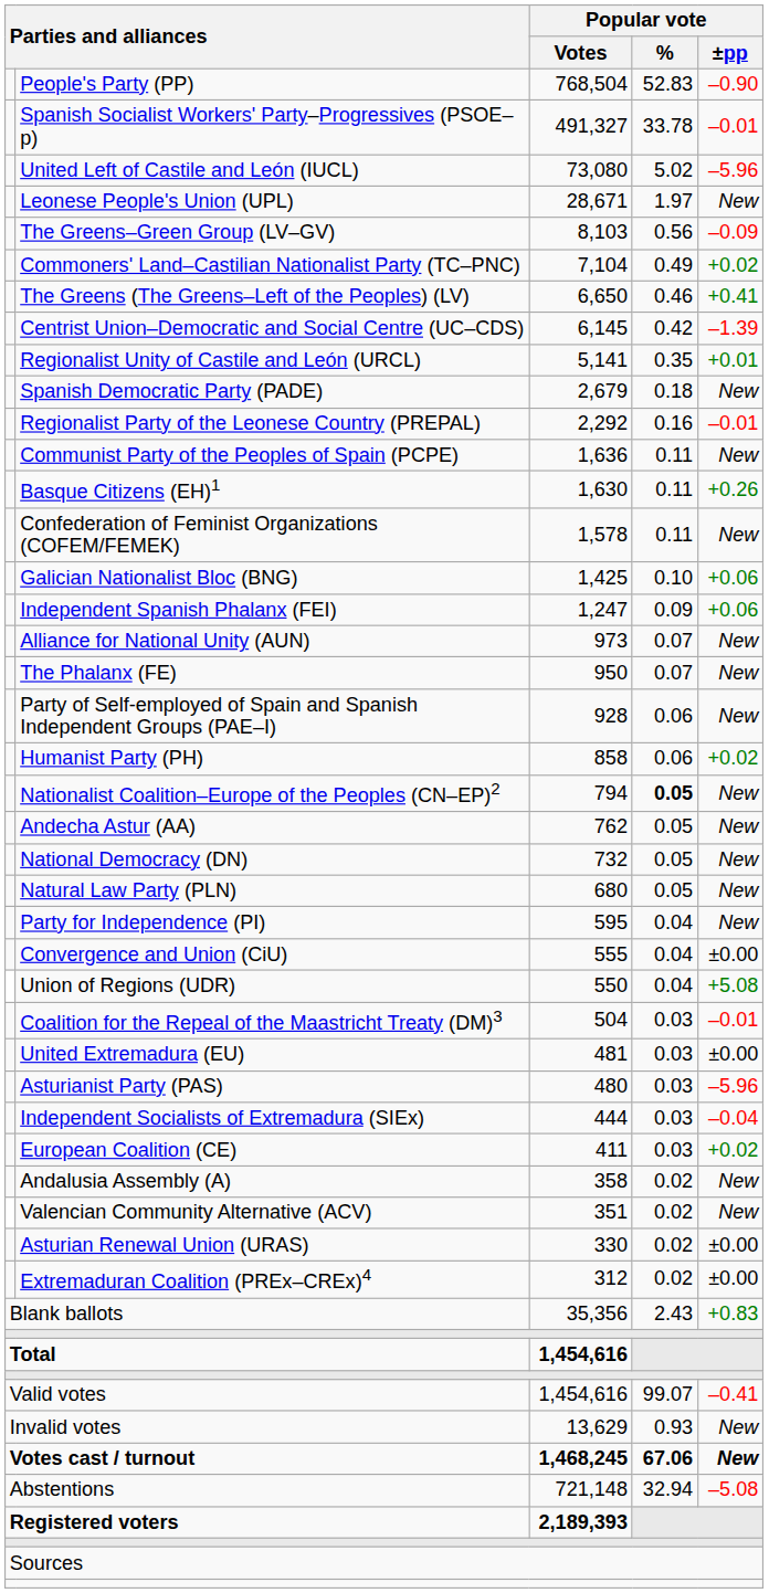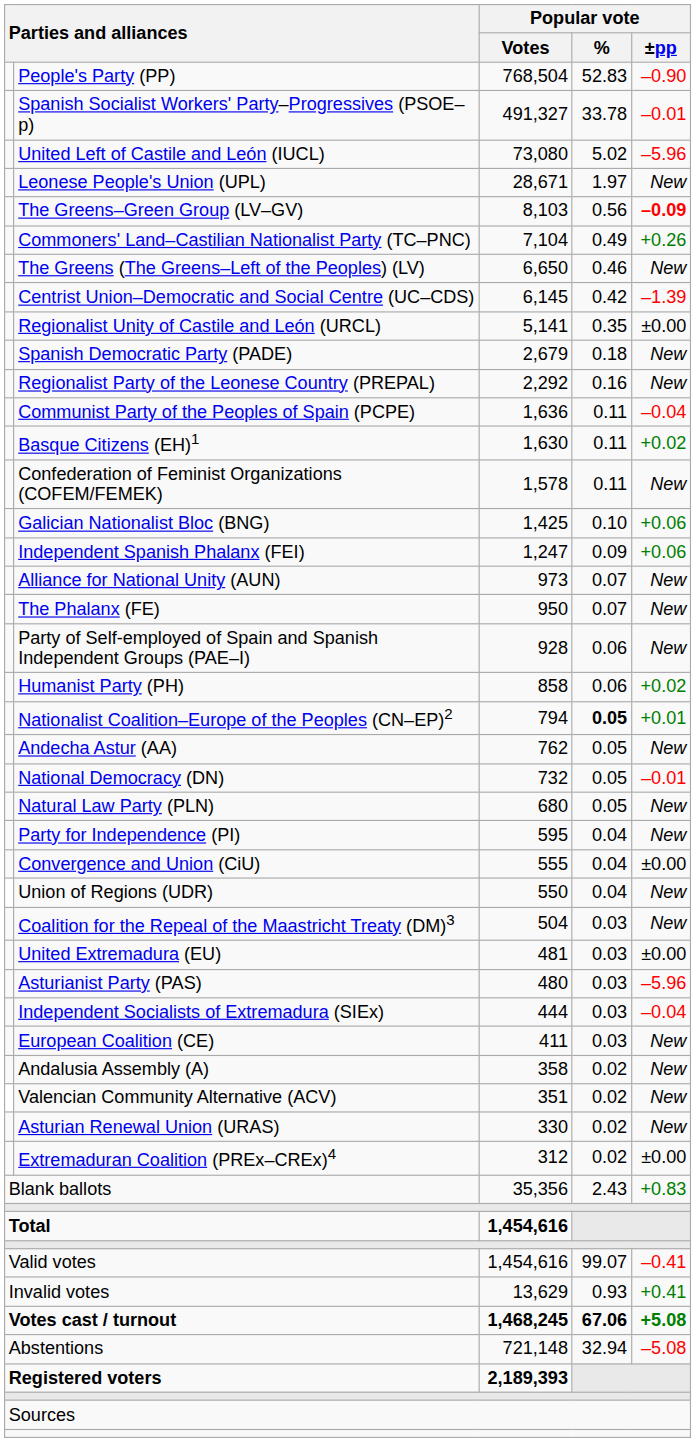 <table class="wikitable" style="text-align:right">
 <tr>
 <th style="text-align:left;" rowspan="2" colspan="2" width="525">Parties and alliances</th>
 <th colspan="3">Popular vote</th>
 </tr>
 <tr>
 <th width="75">Votes</th>
 <th width="45">%</th>
 <th width="45">±<a href='#'>pp</a></th>
 </tr>
 <tr>
 <td width="1" style="color:inherit;background:"></td>
 <td align="left"><a href='#'>People's Party</a> (PP)</td>
 <td>768,504</td>
 <td>52.83</td>
 <td style="color:red;">–0.90</td>
 </tr>
 <tr>
 <td style="color:inherit;background:"></td>
 <td align="left"><a href='#'>Spanish Socialist Workers' Party</a>–<a href='#'>Progressives</a> (PSOE–p)</td>
 <td>491,327</td>
 <td>33.78</td>
 <td style="color:red;">–0.01</td>
 </tr>
 <tr>
 <td style="color:inherit;background:"></td>
 <td align="left"><a href='#'>United Left of Castile and León</a> (IUCL)</td>
 <td>73,080</td>
 <td>5.02</td>
 <td style="color:red;">–5.96</td>
 </tr>
 <tr>
 <td style="color:inherit;background:"></td>
 <td align="left"><a href='#'>Leonese People's Union</a> (UPL)</td>
 <td>28,671</td>
 <td>1.97</td>
 <td><em>New</em></td>
 </tr>
 <tr>
 <td style="color:inherit;background:"></td>
 <td align="left"><a href='#'>The Greens–Green Group</a> (LV–GV)</td>
 <td>8,103</td>
 <td>0.56</td>
-<td style="color:red;">–0.09</td>
+<td style="color:red;"><strong>–0.09</strong></td>
 </tr>
 <tr>
 <td style="color:inherit;background:"></td>
 <td align="left"><a href='#'>Commoners' Land–Castilian Nationalist Party</a> (TC–PNC)</td>
 <td>7,104</td>
 <td>0.49</td>
-<td style="color:green;">+0.02</td>
+<td style="color:green;">+0.26</td>
 </tr>
 <tr>
 <td style="color:inherit;background:"></td>
 <td align="left"><a href='#'>The Greens</a> (<a href='#'>The Greens–Left of the Peoples</a>) (LV)</td>
 <td>6,650</td>
 <td>0.46</td>
-<td style="color:green;">+0.41</td>
+<td><em>New</em></td>
 </tr>
 <tr>
 <td style="color:inherit;background:"></td>
 <td align="left"><a href='#'>Centrist Union–Democratic and Social Centre</a> (UC–CDS)</td>
 <td>6,145</td>
 <td>0.42</td>
 <td style="color:red;">–1.39</td>
 </tr>
 <tr>
 <td style="color:inherit;background:"></td>
 <td align="left"><a href='#'>Regionalist Unity of Castile and León</a> (URCL)</td>
 <td>5,141</td>
 <td>0.35</td>
-<td style="color:green;">+0.01</td>
+<td>±0.00</td>
 </tr>
 <tr>
 <td style="color:inherit;background:"></td>
 <td align="left"><a href='#'>Spanish Democratic Party</a> (PADE)</td>
 <td>2,679</td>
 <td>0.18</td>
 <td><em>New</em></td>
 </tr>
 <tr>
 <td style="color:inherit;background:"></td>
 <td align="left"><a href='#'>Regionalist Party of the Leonese Country</a> (PREPAL)</td>
 <td>2,292</td>
 <td>0.16</td>
-<td style="color:red;">–0.01</td>
+<td><em>New</em></td>
 </tr>
 <tr>
 <td style="color:inherit;background:"></td>
 <td align="left"><a href='#'>Communist Party of the Peoples of Spain</a> (PCPE)</td>
 <td>1,636</td>
 <td>0.11</td>
-<td><em>New</em></td>
+<td style="color:red;">–0.04</td>
 </tr>
 <tr>
 <td style="color:inherit;background:"></td>
 <td align="left"><a href='#'>Basque Citizens</a> (EH)<sup>1</sup></td>
 <td>1,630</td>
 <td>0.11</td>
-<td style="color:green;">+0.26</td>
+<td style="color:green;">+0.02</td>
 </tr>
 <tr>
 <td style="color:inherit;background:"></td>
 <td align="left">Confederation of Feminist Organizations (COFEM/FEMEK)</td>
 <td>1,578</td>
 <td>0.11</td>
 <td><em>New</em></td>
 </tr>
 <tr>
 <td style="color:inherit;background:"></td>
 <td align="left"><a href='#'>Galician Nationalist Bloc</a> (BNG)</td>
 <td>1,425</td>
 <td>0.10</td>
 <td style="color:green;">+0.06</td>
 </tr>
 <tr>
 <td style="color:inherit;background:"></td>
 <td align="left"><a href='#'>Independent Spanish Phalanx</a> (FEI)</td>
 <td>1,247</td>
 <td>0.09</td>
 <td style="color:green;">+0.06</td>
 </tr>
 <tr>
 <td style="color:inherit;background:"></td>
 <td align="left"><a href='#'>Alliance for National Unity</a> (AUN)</td>
 <td>973</td>
 <td>0.07</td>
 <td><em>New</em></td>
 </tr>
 <tr>
 <td style="color:inherit;background:"></td>
 <td align="left"><a href='#'>The Phalanx</a> (FE)</td>
 <td>950</td>
 <td>0.07</td>
 <td><em>New</em></td>
 </tr>
 <tr>
 <td style="color:inherit;background:"></td>
 <td align="left">Party of Self-employed of Spain and Spanish Independent Groups (PAE–I)</td>
 <td>928</td>
 <td>0.06</td>
 <td><em>New</em></td>
 </tr>
 <tr>
 <td style="color:inherit;background:"></td>
 <td align="left"><a href='#'>Humanist Party</a> (PH)</td>
 <td>858</td>
 <td>0.06</td>
 <td style="color:green;">+0.02</td>
 </tr>
 <tr>
 <td style="color:inherit;background:"></td>
 <td align="left"><a href='#'>Nationalist Coalition–Europe of the Peoples</a> (CN–EP)<sup>2</sup></td>
 <td>794</td>
 <td><strong>0.05</strong></td>
-<td><em>New</em></td>
+<td style="color:green;">+0.01</td>
 </tr>
 <tr>
 <td style="color:inherit;background:"></td>
 <td align="left"><a href='#'>Andecha Astur</a> (AA)</td>
 <td>762</td>
 <td>0.05</td>
 <td><em>New</em></td>
 </tr>
 <tr>
 <td style="color:inherit;background:"></td>
 <td align="left"><a href='#'>National Democracy</a> (DN)</td>
 <td>732</td>
 <td>0.05</td>
-<td><em>New</em></td>
+<td style="color:red;">–0.01</td>
 </tr>
 <tr>
 <td style="color:inherit;background:"></td>
 <td align="left"><a href='#'>Natural Law Party</a> (PLN)</td>
 <td>680</td>
 <td>0.05</td>
 <td><em>New</em></td>
 </tr>
 <tr>
 <td style="color:inherit;background:"></td>
 <td align="left"><a href='#'>Party for Independence</a> (PI)</td>
 <td>595</td>
 <td>0.04</td>
 <td><em>New</em></td>
 </tr>
 <tr>
 <td style="color:inherit;background:"></td>
 <td align="left"><a href='#'>Convergence and Union</a> (CiU)</td>
 <td>555</td>
 <td>0.04</td>
 <td>±0.00</td>
 </tr>
 <tr>
 <td bgcolor="white"></td>
 <td align="left">Union of Regions (UDR)</td>
 <td>550</td>
 <td>0.04</td>
-<td style="color:green;">+5.08</td>
+<td><em>New</em></td>
 </tr>
 <tr>
 <td style="color:inherit;background:"></td>
 <td align="left"><a href='#'>Coalition for the Repeal of the Maastricht Treaty</a> (DM)<sup>3</sup></td>
 <td>504</td>
 <td>0.03</td>
-<td style="color:red;">–0.01</td>
+<td><em>New</em></td>
 </tr>
 <tr>
 <td style="color:inherit;background:"></td>
 <td align="left"><a href='#'>United Extremadura</a> (EU)</td>
 <td>481</td>
 <td>0.03</td>
 <td>±0.00</td>
 </tr>
 <tr>
 <td style="color:inherit;background:"></td>
 <td align="left"><a href='#'>Asturianist Party</a> (PAS)</td>
 <td>480</td>
 <td>0.03</td>
 <td style="color:red;">–5.96</td>
 </tr>
 <tr>
 <td style="color:inherit;background:"></td>
 <td align="left"><a href='#'>Independent Socialists of Extremadura</a> (SIEx)</td>
 <td>444</td>
 <td>0.03</td>
 <td style="color:red;">–0.04</td>
 </tr>
 <tr>
 <td style="color:inherit;background:"></td>
 <td align="left"><a href='#'>European Coalition</a> (CE)</td>
 <td>411</td>
 <td>0.03</td>
-<td style="color:green;">+0.02</td>
+<td><em>New</em></td>
 </tr>
 <tr>
 <td style="color:inherit;background:"></td>
 <td align="left">Andalusia Assembly (A)</td>
 <td>358</td>
 <td>0.02</td>
 <td><em>New</em></td>
 </tr>
 <tr>
 <td bgcolor="white"></td>
 <td align="left">Valencian Community Alternative (ACV)</td>
 <td>351</td>
 <td>0.02</td>
 <td><em>New</em></td>
 </tr>
 <tr>
 <td style="color:inherit;background:"></td>
 <td align="left"><a href='#'>Asturian Renewal Union</a> (URAS)</td>
 <td>330</td>
 <td>0.02</td>
-<td>±0.00</td>
+<td><em>New</em></td>
 </tr>
 <tr>
 <td style="color:inherit;background:"></td>
 <td align="left"><a href='#'>Extremaduran Coalition</a> (PREx–CREx)<sup>4</sup></td>
 <td>312</td>
 <td>0.02</td>
 <td>±0.00</td>
 </tr>
 <tr>
 <td align="left" colspan="2">Blank ballots</td>
 <td>35,356</td>
 <td>2.43</td>
 <td style="color:green;">+0.83</td>
 </tr>
 <tr>
 <td colspan="5" bgcolor="#E9E9E9"></td>
 </tr>
 <tr style="font-weight:bold;">
 <td align="left" colspan="2">Total</td>
 <td>1,454,616</td>
 <td bgcolor="#E9E9E9" colspan="2"></td>
 </tr>
 <tr>
 <td colspan="5" bgcolor="#E9E9E9"></td>
 </tr>
 <tr>
 <td align="left" colspan="2">Valid votes</td>
 <td>1,454,616</td>
 <td>99.07</td>
 <td style="color:red;">–0.41</td>
 </tr>
 <tr>
 <td align="left" colspan="2">Invalid votes</td>
 <td>13,629</td>
 <td>0.93</td>
-<td><em>New</em></td>
+<td style="color:green;">+0.41</td>
 </tr>
 <tr style="font-weight:bold;">
 <td align="left" colspan="2">Votes cast / turnout</td>
 <td>1,468,245</td>
 <td>67.06</td>
-<td><em>New</em></td>
+<td style="color:green;">+5.08</td>
 </tr>
 <tr>
 <td align="left" colspan="2">Abstentions</td>
 <td>721,148</td>
 <td>32.94</td>
 <td style="color:red;">–5.08</td>
 </tr>
 <tr style="font-weight:bold;">
 <td align="left" colspan="2">Registered voters</td>
 <td>2,189,393</td>
 <td bgcolor="#E9E9E9" colspan="2"></td>
 </tr>
 <tr>
 <td colspan="5" bgcolor="#E9E9E9"></td>
 </tr>
 <tr>
 <td align="left" colspan="5">Sources</td>
 </tr>
 <tr>
 <td colspan="5" style="text-align:left; max-width:680px;"></td>
 </tr>
 </table>
